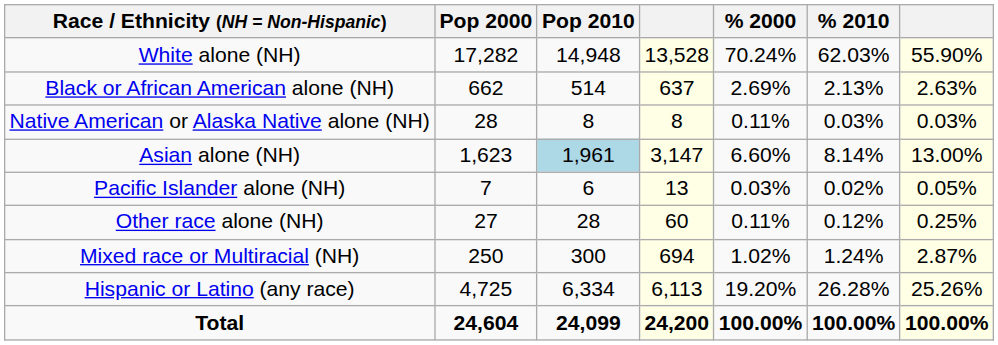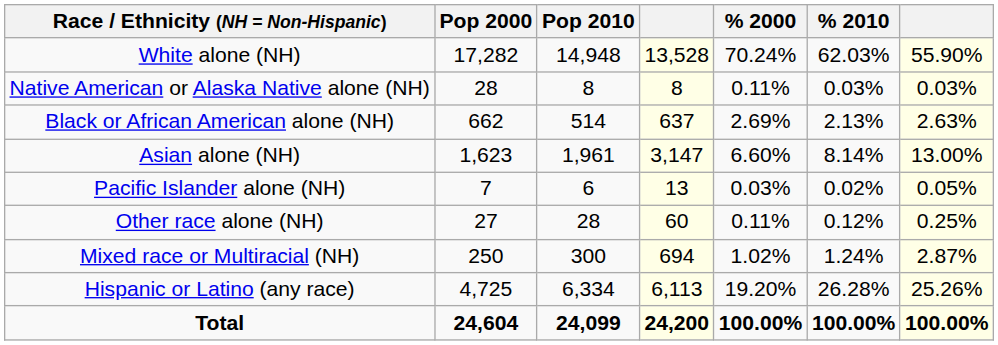 <table class="wikitable" style="text-align:center;">
 <tr>
 <th>Race / Ethnicity <small>(<em>NH = Non-Hispanic</em>)</small></th>
 <th>Pop 2000</th>
 <th>Pop 2010</th>
 <th></th>
 <th>% 2000</th>
 <th>% 2010</th>
 <th></th>
 </tr>
 <tr>
 <td><a href='#'>White</a> alone (NH)</td>
 <td>17,282</td>
 <td>14,948</td>
 <td style='background: #ffffe6;'>13,528</td>
 <td>70.24%</td>
 <td>62.03%</td>
 <td style='background: #ffffe6;'>55.90%</td>
 </tr>
 <tr>
+<td><a href='#'>Native American</a> or <a href='#'>Alaska Native</a> alone (NH)</td>
+<td>28</td>
+<td>8</td>
+<td style='background: #ffffe6;'>8</td>
+<td>0.11%</td>
+<td>0.03%</td>
+<td style='background: #ffffe6;'>0.03%</td>
+</tr>
+<tr>
 <td><a href='#'>Black or African American</a> alone (NH)</td>
 <td>662</td>
 <td>514</td>
 <td style='background: #ffffe6;'>637</td>
 <td>2.69%</td>
 <td>2.13%</td>
 <td style='background: #ffffe6;'>2.63%</td>
 </tr>
 <tr>
-<td><a href='#'>Native American</a> or <a href='#'>Alaska Native</a> alone (NH)</td>
-<td>28</td>
-<td>8</td>
-<td style='background: #ffffe6;'>8</td>
-<td>0.11%</td>
-<td>0.03%</td>
-<td style='background: #ffffe6;'>0.03%</td>
-</tr>
-<tr>
 <td><a href='#'>Asian</a> alone (NH)</td>
 <td>1,623</td>
-<td style="background: lightblue;">1,961</td>
+<td>1,961</td>
 <td style='background: #ffffe6;'>3,147</td>
 <td>6.60%</td>
 <td>8.14%</td>
 <td style='background: #ffffe6;'>13.00%</td>
 </tr>
 <tr>
 <td><a href='#'>Pacific Islander</a> alone (NH)</td>
 <td>7</td>
 <td>6</td>
 <td style='background: #ffffe6;'>13</td>
 <td>0.03%</td>
 <td>0.02%</td>
 <td style='background: #ffffe6;'>0.05%</td>
 </tr>
 <tr>
 <td><a href='#'>Other race</a> alone (NH)</td>
 <td>27</td>
 <td>28</td>
 <td style='background: #ffffe6;'>60</td>
 <td>0.11%</td>
 <td>0.12%</td>
 <td style='background: #ffffe6;'>0.25%</td>
 </tr>
 <tr>
 <td><a href='#'>Mixed race or Multiracial</a> (NH)</td>
 <td>250</td>
 <td>300</td>
 <td style='background: #ffffe6;'>694</td>
 <td>1.02%</td>
 <td>1.24%</td>
 <td style='background: #ffffe6;'>2.87%</td>
 </tr>
 <tr>
 <td><a href='#'>Hispanic or Latino</a> (any race)</td>
 <td>4,725</td>
 <td>6,334</td>
 <td style='background: #ffffe6;'>6,113</td>
 <td>19.20%</td>
 <td>26.28%</td>
 <td style='background: #ffffe6;'>25.26%</td>
 </tr>
 <tr>
 <td><strong>Total</strong></td>
 <td><strong>24,604</strong></td>
 <td><strong>24,099</strong></td>
 <td style='background: #ffffe6;'><strong>24,200</strong></td>
 <td><strong>100.00%</strong></td>
 <td><strong>100.00%</strong></td>
 <td style='background: #ffffe6;'><strong>100.00%</strong></td>
 </tr>
 </table>
